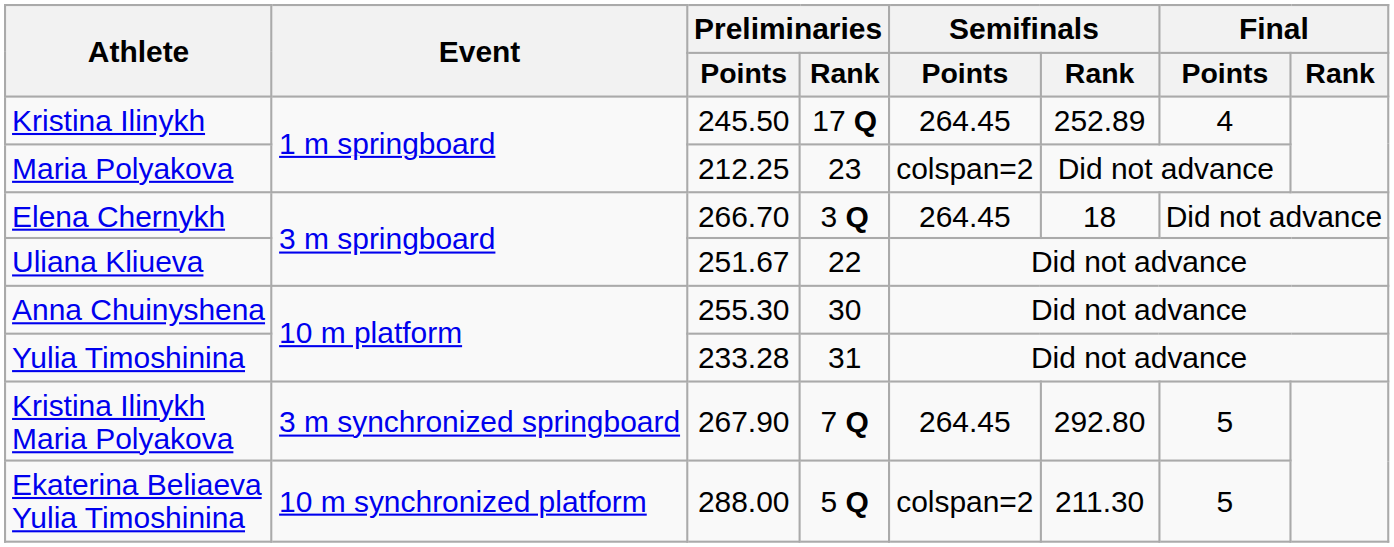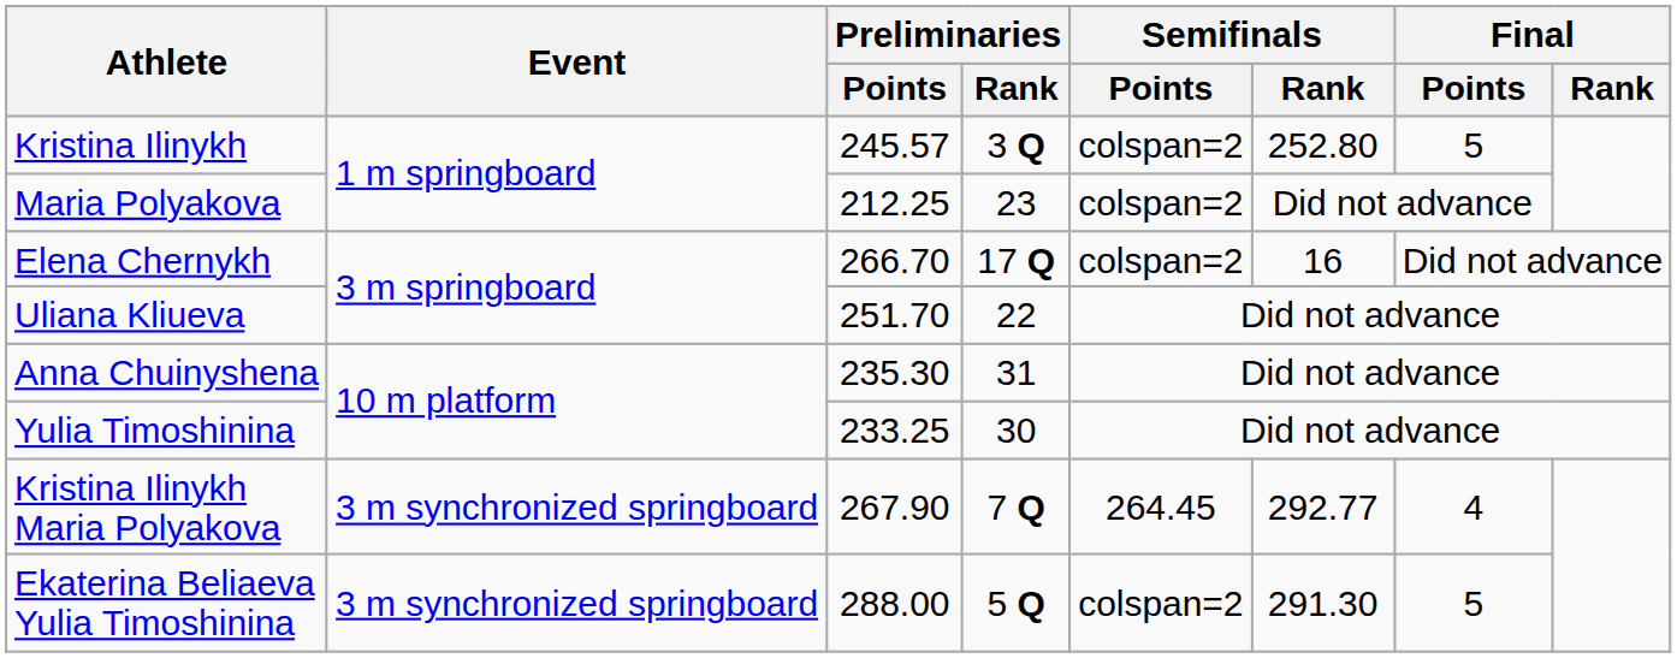 <table class="wikitable" style="text-align:center; font-size:90%">
 <tr>
 <th rowspan=2>Athlete</th>
 <th rowspan=2>Event</th>
 <th colspan=2>Preliminaries</th>
 <th colspan=2>Semifinals</th>
 <th colspan=2>Final</th>
 </tr>
 <tr style="font-size:95%">
 <th>Points</th>
 <th>Rank</th>
 <th>Points</th>
 <th>Rank</th>
 <th>Points</th>
 <th>Rank</th>
 </tr>
 <tr>
 <td align=left><a href='#'>Kristina Ilinykh</a></td>
 <td align=left rowspan=2><a href='#'>1 m springboard</a></td>
-<td>245.50</td>
-<td>17 <strong>Q</strong></td>
-<td>264.45</td>
-<td>252.89</td>
-<td>4</td>
+<td>245.57</td>
+<td>3 <strong>Q</strong></td>
+<td>colspan=2 </td>
+<td>252.80</td>
+<td>5</td>
 </tr>
 <tr>
 <td align=left><a href='#'>Maria Polyakova</a></td>
 <td>212.25</td>
 <td>23</td>
 <td>colspan=2 </td>
 <td colspan=2>Did not advance</td>
 </tr>
 <tr>
 <td align=left><a href='#'>Elena Chernykh</a></td>
 <td align=left rowspan=2><a href='#'>3 m springboard</a></td>
 <td>266.70</td>
-<td>3 <strong>Q</strong></td>
-<td>264.45</td>
-<td>18</td>
+<td>17 <strong>Q</strong></td>
+<td>colspan=2 </td>
+<td>16</td>
 <td colspan=2>Did not advance</td>
 </tr>
 <tr>
 <td align=left><a href='#'>Uliana Kliueva</a></td>
-<td>251.67</td>
+<td>251.70</td>
 <td>22</td>
 <td colspan=4>Did not advance</td>
 </tr>
 <tr>
 <td align=left><a href='#'>Anna Chuinyshena</a></td>
 <td align=left rowspan=2><a href='#'>10 m platform</a></td>
-<td>255.30</td>
-<td>30</td>
+<td>235.30</td>
+<td>31</td>
 <td colspan=4>Did not advance</td>
 </tr>
 <tr>
 <td align=left><a href='#'>Yulia Timoshinina</a></td>
-<td>233.28</td>
-<td>31</td>
+<td>233.25</td>
+<td>30</td>
 <td colspan=4>Did not advance</td>
 </tr>
 <tr>
 <td align=left><a href='#'>Kristina Ilinykh</a><br><a href='#'>Maria Polyakova</a></td>
 <td align=left><a href='#'>3 m synchronized springboard</a></td>
 <td>267.90</td>
 <td>7 <strong>Q</strong></td>
 <td>264.45</td>
-<td>292.80</td>
-<td>5</td>
+<td>292.77</td>
+<td>4</td>
 </tr>
 <tr>
 <td align=left><a href='#'>Ekaterina Beliaeva</a><br><a href='#'>Yulia Timoshinina</a></td>
-<td align=left><a href='#'>10 m synchronized platform</a></td>
+<td align=left><a href='#'>3 m synchronized springboard</a></td>
 <td>288.00</td>
 <td>5 <strong>Q</strong></td>
 <td>colspan=2 </td>
-<td>211.30</td>
+<td>291.30</td>
 <td>5</td>
 </tr>
 </table>
